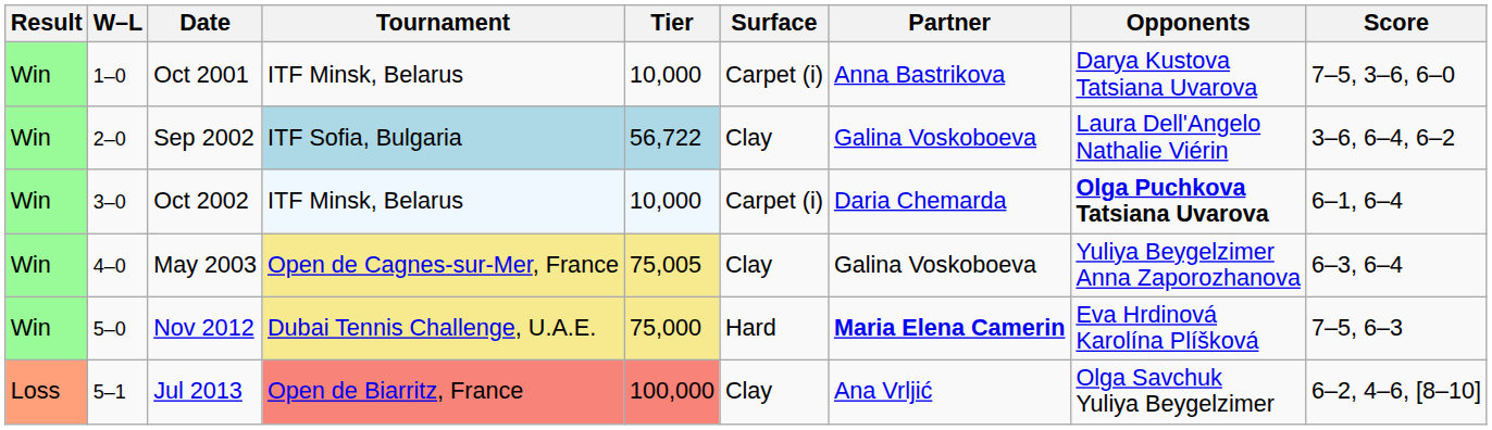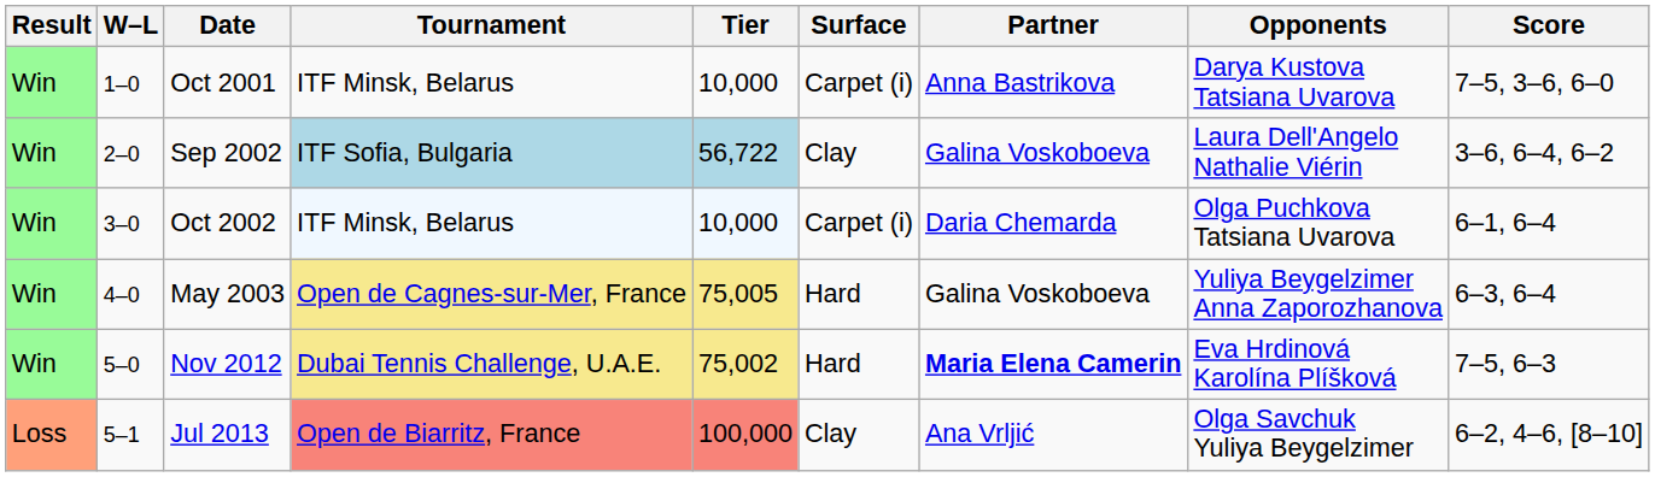 <table class="sortable wikitable">
 <tr>
 <th>Result</th>
 <th class="unsortable">W–L</th>
 <th>Date</th>
 <th>Tournament</th>
 <th>Tier</th>
 <th>Surface</th>
 <th>Partner</th>
 <th>Opponents</th>
 <th class="unsortable">Score</th>
 </tr>
 <tr>
 <td style="background:#98fb98;">Win</td>
 <td><small>1–0</small></td>
 <td>Oct 2001</td>
 <td>ITF Minsk, Belarus</td>
 <td>10,000</td>
 <td>Carpet (i)</td>
 <td> <a href='#'>Anna Bastrikova</a></td>
 <td> <a href='#'>Darya Kustova</a> <br>  <a href='#'>Tatsiana Uvarova</a></td>
 <td>7–5, 3–6, 6–0</td>
 </tr>
 <tr>
 <td bgcolor=98FB98>Win</td>
 <td><small>2–0</small></td>
 <td>Sep 2002</td>
 <td style="background:lightblue">ITF Sofia, Bulgaria</td>
 <td style="background:lightblue">56,722</td>
 <td>Clay</td>
 <td> <a href='#'>Galina Voskoboeva</a></td>
 <td> <a href='#'>Laura Dell'Angelo</a> <br>  <a href='#'>Nathalie Viérin</a></td>
 <td>3–6, 6–4, 6–2</td>
 </tr>
 <tr>
 <td bgcolor=98FB98>Win</td>
 <td><small>3–0</small></td>
 <td>Oct 2002</td>
 <td style="background:#f0f8ff;">ITF Minsk, Belarus</td>
 <td style="background:#f0f8ff;">10,000</td>
 <td>Carpet (i)</td>
 <td> <a href='#'>Daria Chemarda</a></td>
-<td><strong> <a href='#'>Olga Puchkova</a> <br>  Tatsiana Uvarova</strong></td>
+<td> <a href='#'>Olga Puchkova</a> <br>  Tatsiana Uvarova</td>
 <td>6–1, 6–4</td>
 </tr>
 <tr>
 <td bgcolor=98FB98>Win</td>
 <td><small>4–0</small></td>
 <td>May 2003</td>
 <td style="background:#f7e98e;"><a href='#'>Open de Cagnes-sur-Mer</a>, France</td>
 <td style="background:#f7e98e;">75,005</td>
-<td>Clay</td>
+<td>Hard</td>
 <td> Galina Voskoboeva</td>
 <td> <a href='#'>Yuliya Beygelzimer</a> <br>  <a href='#'>Anna Zaporozhanova</a></td>
 <td>6–3, 6–4</td>
 </tr>
 <tr>
 <td bgcolor=98FB98>Win</td>
 <td><small>5–0</small></td>
 <td><a href='#'>Nov 2012</a></td>
 <td style="background:#f7e98e;"><a href='#'>Dubai Tennis Challenge</a>, U.A.E.</td>
-<td style="background:#f7e98e;">75,000</td>
+<td style="background:#f7e98e;">75,002</td>
 <td>Hard</td>
 <td><strong> <a href='#'>Maria Elena Camerin</a></strong></td>
 <td> <a href='#'>Eva Hrdinová</a> <br>  <a href='#'>Karolína Plíšková</a></td>
 <td>7–5, 6–3</td>
 </tr>
 <tr>
 <td style="background:#ffa07a;">Loss</td>
 <td><small>5–1</small></td>
 <td><a href='#'>Jul 2013</a></td>
 <td style="background:#f88379;"><a href='#'>Open de Biarritz</a>, France</td>
 <td style="background:#f88379;">100,000</td>
 <td>Clay</td>
 <td> <a href='#'>Ana Vrljić</a></td>
 <td> <a href='#'>Olga Savchuk</a> <br>  Yuliya Beygelzimer</td>
 <td>6–2, 4–6, [8–10]</td>
 </tr>
 </table>
